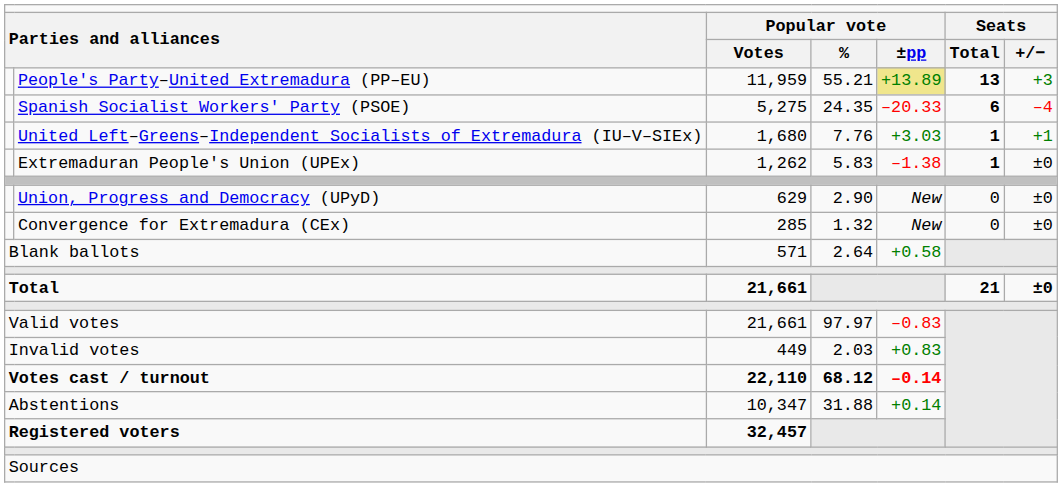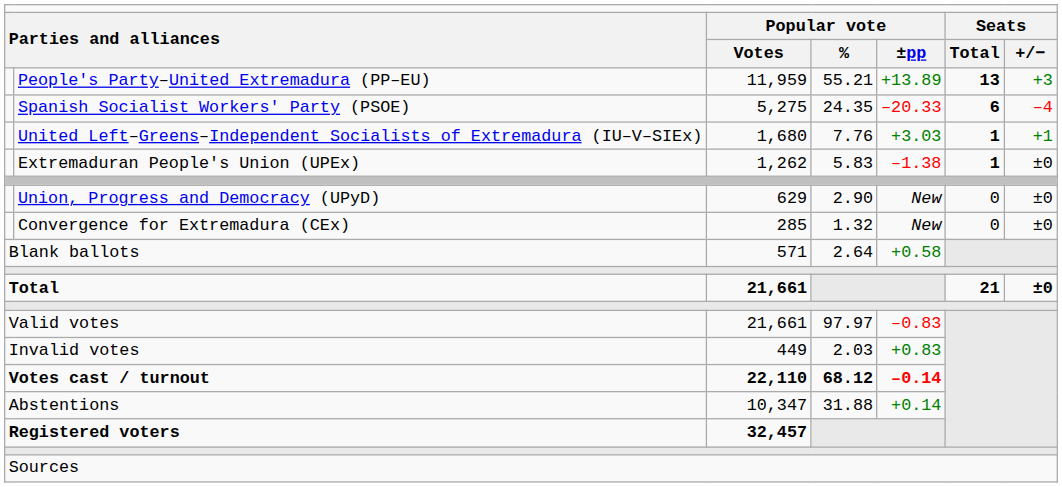 <table class="wikitable" style="text-align:right;">
 <tr>
 <td colspan="7"></td>
 </tr>
 <tr>
 <th style="text-align:left;" rowspan="2" colspan="2" width="525">Parties and alliances</th>
 <th colspan="3">Popular vote</th>
 <th colspan="2">Seats</th>
 </tr>
 <tr>
 <th width="75">Votes</th>
 <th width="45">%</th>
 <th width="45">±<a href='#'>pp</a></th>
 <th width="35">Total</th>
 <th width="35">+/−</th>
 </tr>
 <tr>
 <td width="1" style="color:inherit;background:"></td>
 <td align="left"><a href='#'>People's Party</a>–<a href='#'>United Extremadura</a> (PP–EU)</td>
 <td>11,959</td>
 <td>55.21</td>
-<td style="background: khaki; color:green;">+13.89</td>
+<td style="color:green;">+13.89</td>
 <td><strong>13</strong></td>
 <td style="color:green;">+3</td>
 </tr>
 <tr>
 <td style="color:inherit;background:"></td>
 <td align="left"><a href='#'>Spanish Socialist Workers' Party</a> (PSOE)</td>
 <td>5,275</td>
 <td>24.35</td>
 <td style="color:red;">–20.33</td>
 <td><strong>6</strong></td>
 <td style="color:red;">–4</td>
 </tr>
 <tr>
 <td style="color:inherit;background:"></td>
 <td align="left"><a href='#'>United Left</a>–<a href='#'>Greens</a>–<a href='#'>Independent Socialists of Extremadura</a> (IU–V–SIEx)</td>
 <td>1,680</td>
 <td>7.76</td>
 <td style="color:green;">+3.03</td>
 <td><strong>1</strong></td>
 <td style="color:green;">+1</td>
 </tr>
 <tr>
 <td style="color:inherit;background:"></td>
 <td align="left">Extremaduran People's Union (UPEx)</td>
 <td>1,262</td>
 <td>5.83</td>
 <td style="color:red;">–1.38</td>
 <td><strong>1</strong></td>
 <td>±0</td>
 </tr>
 <tr>
 <td colspan="7" bgcolor="#C0C0C0"></td>
 </tr>
 <tr>
 <td style="color:inherit;background:"></td>
 <td align="left"><a href='#'>Union, Progress and Democracy</a> (UPyD)</td>
 <td>629</td>
 <td>2.90</td>
 <td><em>New</em></td>
 <td>0</td>
 <td>±0</td>
 </tr>
 <tr>
 <td style="color:inherit;background:"></td>
 <td align="left">Convergence for Extremadura (CEx)</td>
 <td>285</td>
 <td>1.32</td>
 <td><em>New</em></td>
 <td>0</td>
 <td>±0</td>
 </tr>
 <tr>
 <td align="left" colspan="2">Blank ballots</td>
 <td>571</td>
 <td>2.64</td>
 <td style="color:green;">+0.58</td>
 <td bgcolor="#E9E9E9" colspan="2"></td>
 </tr>
 <tr>
 <td colspan="7" bgcolor="#E9E9E9"></td>
 </tr>
 <tr style="font-weight:bold;">
 <td align="left" colspan="2">Total</td>
 <td>21,661</td>
 <td bgcolor="#E9E9E9" colspan="2"></td>
 <td>21</td>
 <td>±0</td>
 </tr>
 <tr>
 <td colspan="7" bgcolor="#E9E9E9"></td>
 </tr>
 <tr>
 <td align="left" colspan="2">Valid votes</td>
 <td>21,661</td>
 <td>97.97</td>
 <td style="color:red;">–0.83</td>
 <td bgcolor="#E9E9E9" colspan="2" rowspan="5"></td>
 </tr>
 <tr>
 <td align="left" colspan="2">Invalid votes</td>
 <td>449</td>
 <td>2.03</td>
 <td style="color:green;">+0.83</td>
 </tr>
 <tr style="font-weight:bold;">
 <td align="left" colspan="2">Votes cast / turnout</td>
 <td>22,110</td>
 <td>68.12</td>
 <td style="color:red;">–0.14</td>
 </tr>
 <tr>
 <td align="left" colspan="2">Abstentions</td>
 <td>10,347</td>
 <td>31.88</td>
 <td style="color:green;">+0.14</td>
 </tr>
 <tr style="font-weight:bold;">
 <td align="left" colspan="2">Registered voters</td>
 <td>32,457</td>
 <td bgcolor="#E9E9E9" colspan="2"></td>
 </tr>
 <tr>
 <td colspan="7" bgcolor="#E9E9E9"></td>
 </tr>
 <tr>
 <td align="left" colspan="7">Sources</td>
 </tr>
 </table>
